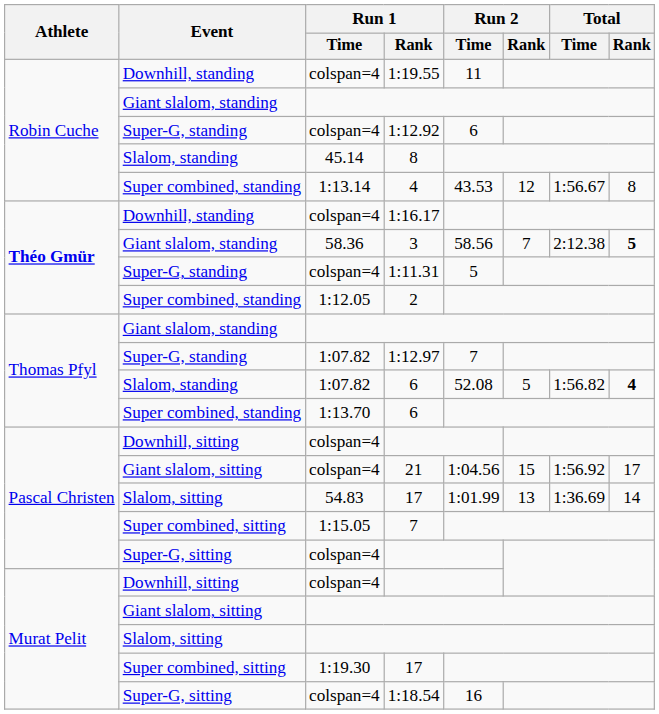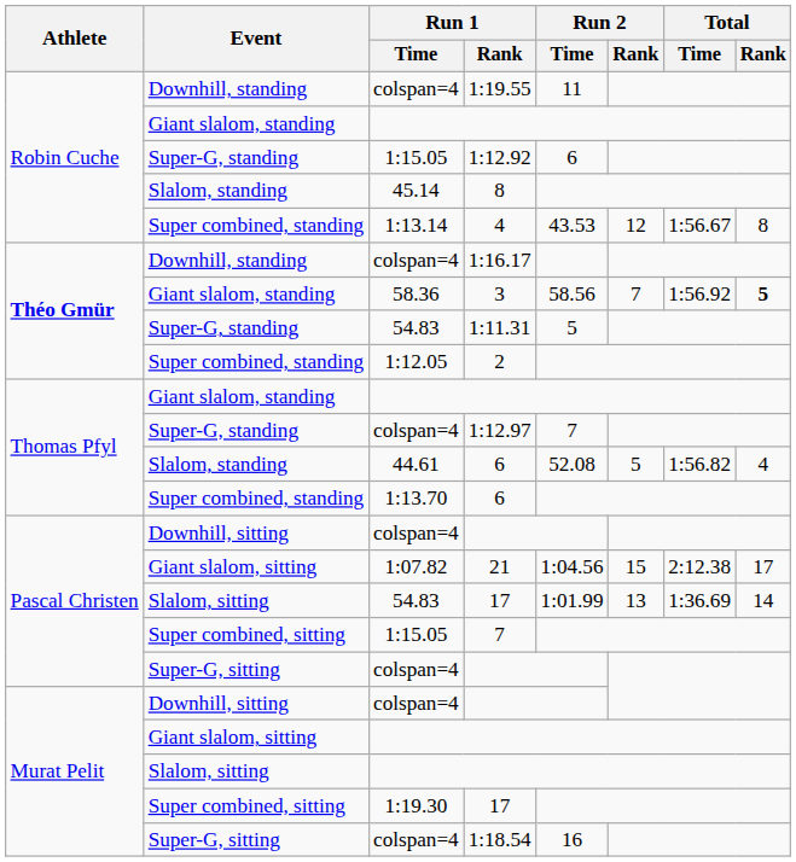 <table class="wikitable" style="font-size:90%">
 <tr>
 <th rowspan=2>Athlete</th>
 <th rowspan=2>Event</th>
 <th colspan=2>Run 1</th>
 <th colspan=2>Run 2</th>
 <th colspan=2>Total</th>
 </tr>
 <tr style="font-size:95%">
 <th>Time</th>
 <th>Rank</th>
 <th>Time</th>
 <th>Rank</th>
 <th>Time</th>
 <th>Rank</th>
 </tr>
 <tr align=center>
 <td style="text-align:left;" rowspan="5"><a href='#'>Robin Cuche</a></td>
 <td align=left><a href='#'>Downhill, standing</a></td>
 <td>colspan=4 </td>
 <td>1:19.55</td>
 <td>11</td>
 </tr>
 <tr align=center>
 <td align=left><a href='#'>Giant slalom, standing</a></td>
 <td colspan=6></td>
 </tr>
 <tr align=center>
 <td align=left><a href='#'>Super-G, standing</a></td>
-<td>colspan=4 </td>
+<td>1:15.05</td>
 <td>1:12.92</td>
 <td>6</td>
 </tr>
 <tr align=center>
 <td align=left><a href='#'>Slalom, standing</a></td>
 <td>45.14</td>
 <td>8</td>
 <td colspan=4></td>
 </tr>
 <tr align=center>
 <td align=left><a href='#'>Super combined, standing</a></td>
 <td>1:13.14</td>
 <td>4</td>
 <td>43.53</td>
 <td>12</td>
 <td>1:56.67</td>
 <td>8</td>
 </tr>
 <tr align=center>
 <td style="text-align:left;" rowspan="4"><strong><a href='#'>Théo Gmür</a></strong></td>
 <td align=left><a href='#'>Downhill, standing</a></td>
 <td>colspan=4 </td>
 <td>1:16.17</td>
 <td></td>
 </tr>
 <tr align=center>
 <td align=left><a href='#'>Giant slalom, standing</a></td>
 <td>58.36</td>
 <td>3</td>
 <td>58.56</td>
 <td>7</td>
-<td>2:12.38</td>
+<td>1:56.92</td>
 <td><strong>5</strong></td>
 </tr>
 <tr align=center>
 <td align=left><a href='#'>Super-G, standing</a></td>
-<td>colspan=4 </td>
+<td>54.83</td>
 <td>1:11.31</td>
 <td>5</td>
 </tr>
 <tr align=center>
 <td align=left><a href='#'>Super combined, standing</a></td>
 <td>1:12.05</td>
 <td>2</td>
 <td colspan=4></td>
 </tr>
 <tr align=center>
 <td style="text-align:left;" rowspan="4"><a href='#'>Thomas Pfyl</a></td>
 <td align=left><a href='#'>Giant slalom, standing</a></td>
 <td colspan=6></td>
 </tr>
 <tr align=center>
 <td align=left><a href='#'>Super-G, standing</a></td>
-<td>1:07.82</td>
+<td>colspan=4 </td>
 <td>1:12.97</td>
 <td>7</td>
 </tr>
 <tr align=center>
 <td align=left><a href='#'>Slalom, standing</a></td>
-<td>1:07.82</td>
+<td>44.61</td>
 <td>6</td>
 <td>52.08</td>
 <td>5</td>
 <td>1:56.82</td>
-<td><strong>4</strong></td>
+<td>4</td>
 </tr>
 <tr align=center>
 <td align=left><a href='#'>Super combined, standing</a></td>
 <td>1:13.70</td>
 <td>6</td>
 <td colspan=4></td>
 </tr>
 <tr align=center>
 <td style="text-align:left;" rowspan="5"><a href='#'>Pascal Christen</a></td>
 <td align=left><a href='#'>Downhill, sitting</a></td>
 <td>colspan=4 </td>
 <td colspan=2></td>
 </tr>
 <tr align=center>
 <td align=left><a href='#'>Giant slalom, sitting</a></td>
-<td>colspan=4 </td>
+<td>1:07.82</td>
 <td>21</td>
 <td>1:04.56</td>
 <td>15</td>
-<td>1:56.92</td>
+<td>2:12.38</td>
 <td>17</td>
 </tr>
 <tr align=center>
 <td align=left><a href='#'>Slalom, sitting</a></td>
 <td>54.83</td>
 <td>17</td>
 <td>1:01.99</td>
 <td>13</td>
 <td>1:36.69</td>
 <td>14</td>
 </tr>
 <tr align=center>
 <td align=left><a href='#'>Super combined, sitting</a></td>
 <td>1:15.05</td>
 <td>7</td>
 <td colspan=4></td>
 </tr>
 <tr align=center>
 <td align=left><a href='#'>Super-G, sitting</a></td>
 <td>colspan=4 </td>
 <td colspan=2></td>
 </tr>
 <tr align=center>
 <td style="text-align:left;" rowspan="5"><a href='#'>Murat Pelit</a></td>
 <td align=left><a href='#'>Downhill, sitting</a></td>
 <td>colspan=4 </td>
 <td colspan=2></td>
 </tr>
 <tr align=center>
 <td align=left><a href='#'>Giant slalom, sitting</a></td>
 <td colspan=6></td>
 </tr>
 <tr align=center>
 <td align=left><a href='#'>Slalom, sitting</a></td>
 <td colspan=6></td>
 </tr>
 <tr align=center>
 <td align=left><a href='#'>Super combined, sitting</a></td>
 <td>1:19.30</td>
 <td>17</td>
 <td colspan=4></td>
 </tr>
 <tr align=center>
 <td align=left><a href='#'>Super-G, sitting</a></td>
 <td>colspan=4 </td>
 <td>1:18.54</td>
 <td>16</td>
 </tr>
 </table>
